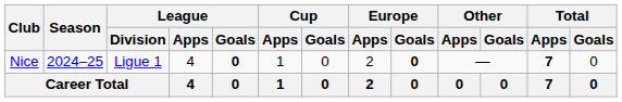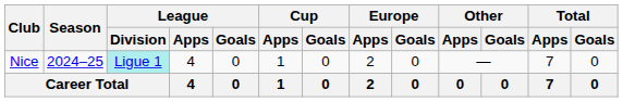 <table class="wikitable" style="text-align:center">
 <tr>
 <th rowspan="2">Club</th>
 <th rowspan="2">Season</th>
 <th colspan="3">League</th>
 <th colspan="2">Cup</th>
 <th colspan="2">Europe</th>
 <th colspan="2">Other</th>
 <th colspan="2">Total</th>
 </tr>
 <tr>
 <th>Division</th>
 <th>Apps</th>
 <th>Goals</th>
 <th>Apps</th>
 <th>Goals</th>
 <th>Apps</th>
 <th>Goals</th>
 <th>Apps</th>
 <th>Goals</th>
 <th>Apps</th>
 <th>Goals</th>
 </tr>
 <tr>
 <td><a href='#'>Nice</a></td>
 <td><a href='#'>2024–25</a></td>
-<td><a href='#'>Ligue 1</a></td>
+<td style="background: paleturquoise;"><a href='#'>Ligue 1</a></td>
 <td>4</td>
-<td><strong>0</strong></td>
+<td>0</td>
 <td>1</td>
 <td>0</td>
 <td>2</td>
-<td><strong>0</strong></td>
+<td>0</td>
 <td colspan="2">—</td>
-<td><strong>7</strong></td>
+<td>7</td>
 <td>0</td>
 </tr>
 <tr>
 <th colspan="3">Career Total</th>
 <th>4</th>
 <th>0</th>
 <th>1</th>
 <th>0</th>
 <th>2</th>
 <th>0</th>
 <th>0</th>
 <th>0</th>
 <th>7</th>
 <th>0</th>
 </tr>
 </table>
